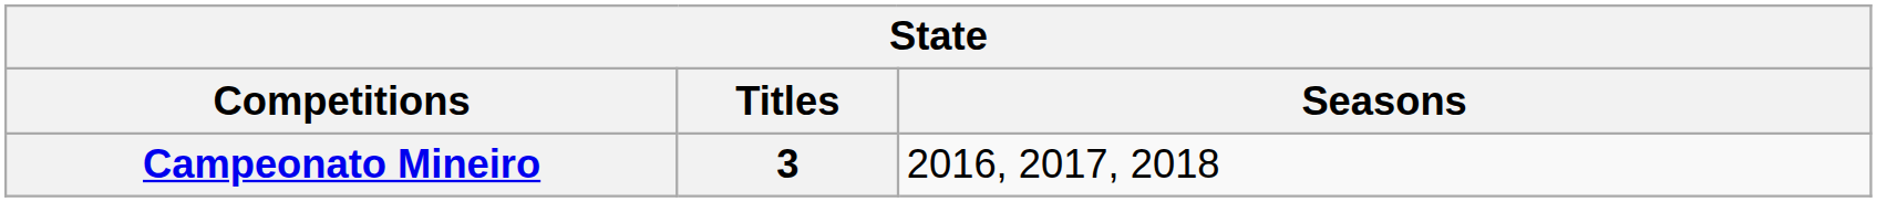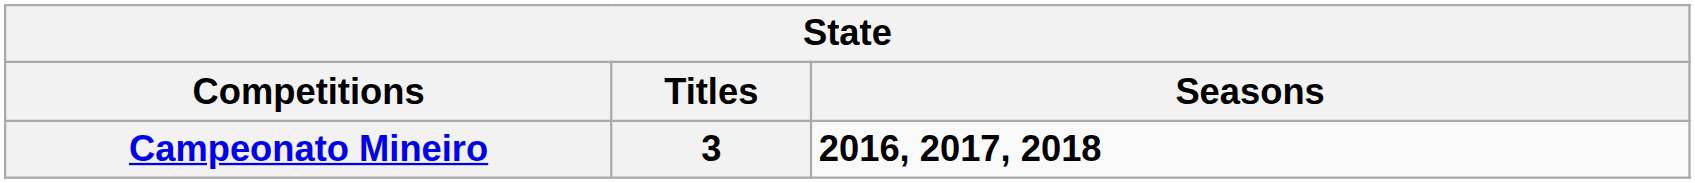 <table class="wikitable">
 <tr>
 <th colspan="3">State</th>
 </tr>
 <tr>
 <th style="width:260px">Competitions</th>
 <th style="width:80px">Titles</th>
 <th style="width:380px">Seasons</th>
 </tr>
 <tr>
 <th style="text-align:center"><a href='#'>Campeonato Mineiro</a></th>
 <th style="text-align:center"><strong>3</strong></th>
-<td align="left">2016, 2017, 2018</td>
+<td align="left"><strong>2016, 2017, 2018</strong></td>
 </tr>
 </table>
